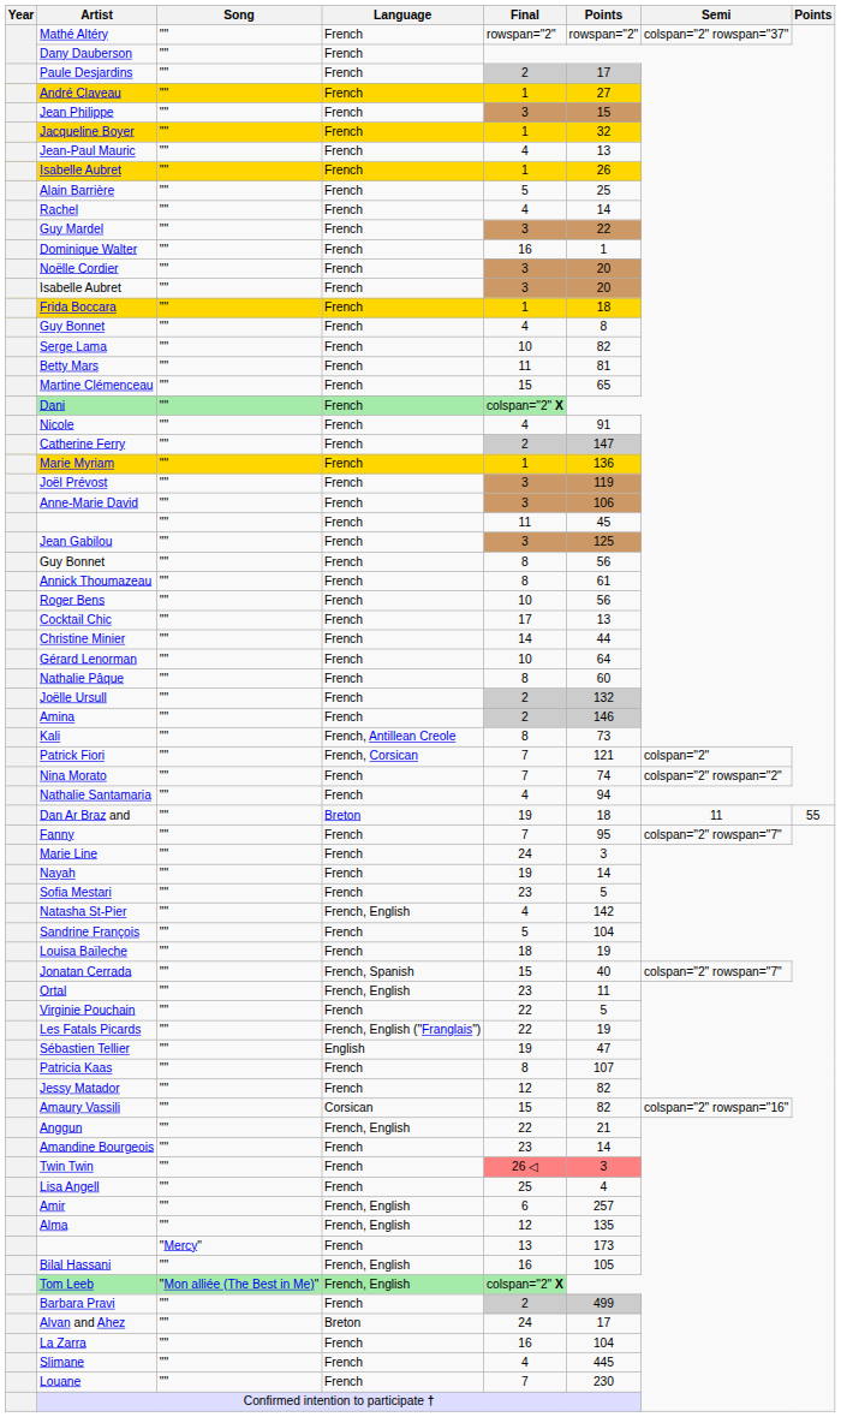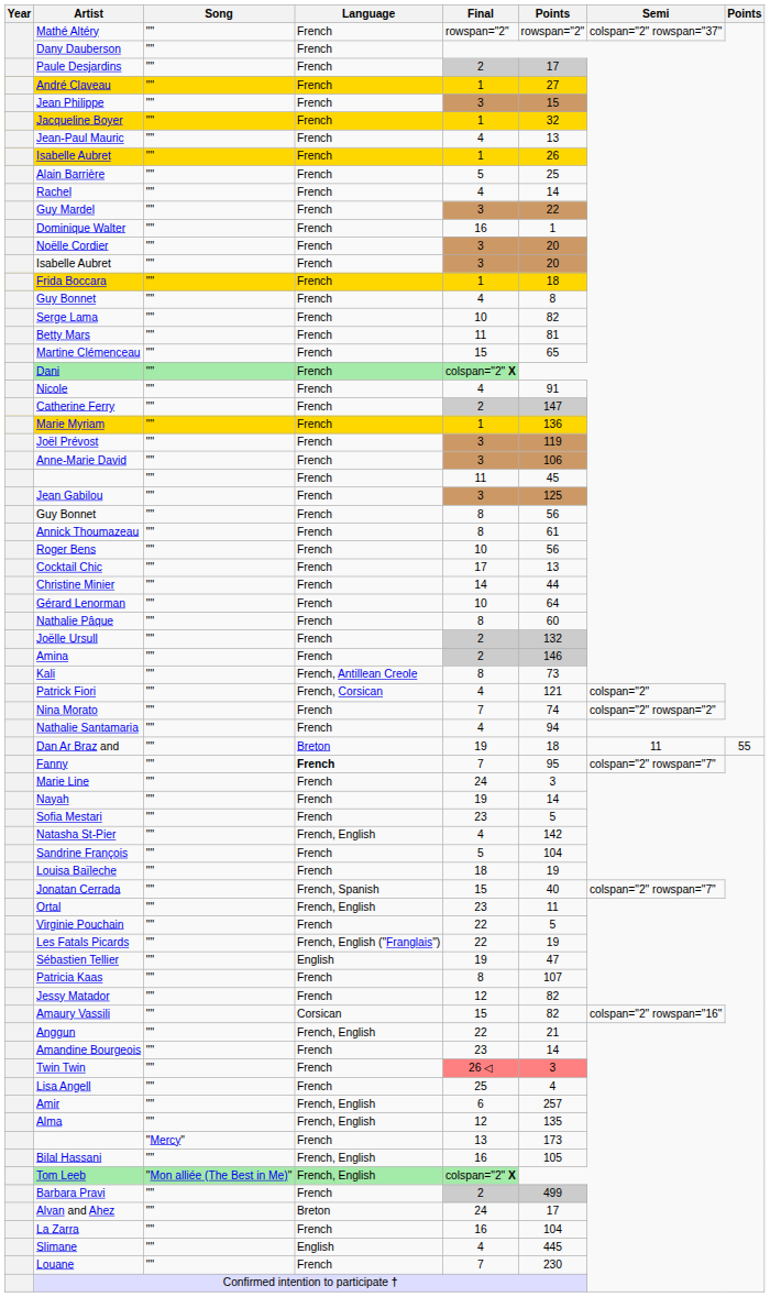 <table class="wikitable sortable plainrowheaders">
 <tr>
 <th scope="col">Year</th>
 <th scope="col">Artist</th>
 <th scope="col">Song</th>
 <th scope="col">Language</th>
 <th scope="col" data-sort-type="number">Final</th>
 <th scope="col" data-sort-type="number">Points</th>
 <th scope="col" class="unsortable">Semi</th>
 <th scope="col" class="unsortable">Points</th>
 </tr>
 <tr>
 <th scope="row" rowspan="2" style="text-align:center;"></th>
 <td><a href='#'>Mathé Altéry</a></td>
 <td>""</td>
 <td>French</td>
 <td>rowspan="2" </td>
 <td>rowspan="2" </td>
 <td>colspan="2" rowspan="37" </td>
 </tr>
 <tr>
 <td><a href='#'>Dany Dauberson</a></td>
 <td>""</td>
 <td>French</td>
 </tr>
 <tr>
 <th scope="row" style="text-align:center;"></th>
 <td><a href='#'>Paule Desjardins</a></td>
 <td>""</td>
 <td>French</td>
 <td style="text-align:center; background-color:#CCC;">2</td>
 <td style="text-align:center; background-color:#CCC;">17</td>
 </tr>
 <tr style="background-color:#FFD700;">
 <th scope="row" style="text-align:center;"></th>
 <td><a href='#'>André Claveau</a></td>
 <td>""</td>
 <td>French</td>
 <td style="text-align:center;">1</td>
 <td style="text-align:center;">27</td>
 </tr>
 <tr>
 <th scope="row" style="text-align:center;"></th>
 <td><a href='#'>Jean Philippe</a></td>
 <td>""</td>
 <td>French</td>
 <td style="text-align:center; background-color:#C96;">3</td>
 <td style="text-align:center; background-color:#C96;">15</td>
 </tr>
 <tr style="background-color:#FFD700;">
 <th scope="row" style="text-align:center;"></th>
 <td><a href='#'>Jacqueline Boyer</a></td>
 <td>""</td>
 <td>French</td>
 <td style="text-align:center;">1</td>
 <td style="text-align:center;">32</td>
 </tr>
 <tr>
 <th scope="row" style="text-align:center;"></th>
 <td><a href='#'>Jean-Paul Mauric</a></td>
 <td>""</td>
 <td>French</td>
 <td style="text-align:center;">4</td>
 <td style="text-align:center;">13</td>
 </tr>
 <tr style="background-color:#FFD700;">
 <th scope="row" style="text-align:center;"></th>
 <td><a href='#'>Isabelle Aubret</a></td>
 <td>""</td>
 <td>French</td>
 <td style="text-align:center;">1</td>
 <td style="text-align:center;">26</td>
 </tr>
 <tr>
 <th scope="row" style="text-align:center;"></th>
 <td><a href='#'>Alain Barrière</a></td>
 <td>""</td>
 <td>French</td>
 <td style="text-align:center;">5</td>
 <td style="text-align:center;">25</td>
 </tr>
 <tr>
 <th scope="row" style="text-align:center;"></th>
 <td><a href='#'>Rachel</a></td>
 <td>""</td>
 <td>French</td>
 <td style="text-align:center;">4</td>
 <td style="text-align:center;">14</td>
 </tr>
 <tr>
 <th scope="row" style="text-align:center;"></th>
 <td><a href='#'>Guy Mardel</a></td>
 <td>""</td>
 <td>French</td>
 <td style="text-align:center; background-color:#C96;">3</td>
 <td style="text-align:center; background-color:#C96;">22</td>
 </tr>
 <tr>
 <th scope="row" style="text-align:center;"></th>
 <td><a href='#'>Dominique Walter</a></td>
 <td>""</td>
 <td>French</td>
 <td style="text-align:center;">16</td>
 <td style="text-align:center;">1</td>
 </tr>
 <tr>
 <th scope="row" style="text-align:center;"></th>
 <td><a href='#'>Noëlle Cordier</a></td>
 <td>""</td>
 <td>French</td>
 <td style="text-align:center; background-color:#C96;">3</td>
 <td style="text-align:center; background-color:#C96;">20</td>
 </tr>
 <tr>
 <th scope="row" style="text-align:center;"></th>
 <td>Isabelle Aubret</td>
 <td>""</td>
 <td>French</td>
 <td style="text-align:center; background-color:#C96;">3</td>
 <td style="text-align:center; background-color:#C96;">20</td>
 </tr>
 <tr style="background-color:#FFD700;">
 <th scope="row" style="text-align:center;"></th>
 <td><a href='#'>Frida Boccara</a></td>
 <td>""</td>
 <td>French</td>
 <td style="text-align:center;">1</td>
 <td style="text-align:center;">18</td>
 </tr>
 <tr>
 <th scope="row" style="text-align:center;"></th>
 <td><a href='#'>Guy Bonnet</a></td>
 <td>""</td>
 <td>French</td>
 <td style="text-align:center;">4</td>
 <td style="text-align:center;">8</td>
 </tr>
 <tr>
 <th scope="row" style="text-align:center;"></th>
 <td><a href='#'>Serge Lama</a></td>
 <td>""</td>
 <td>French</td>
 <td style="text-align:center;">10</td>
 <td style="text-align:center;">82</td>
 </tr>
 <tr>
 <th scope="row" style="text-align:center;"></th>
 <td><a href='#'>Betty Mars</a></td>
 <td>""</td>
 <td>French</td>
 <td style="text-align:center;">11</td>
 <td style="text-align:center;">81</td>
 </tr>
 <tr>
 <th scope="row" style="text-align:center;"></th>
 <td><a href='#'>Martine Clémenceau</a></td>
 <td>""</td>
 <td>French</td>
 <td style="text-align:center;">15</td>
 <td style="text-align:center;">65</td>
 </tr>
 <tr style="background-color:#A4EAA9;">
 <th scope="row" style="text-align:center;"></th>
 <td><a href='#'>Dani</a></td>
 <td>""</td>
 <td>French</td>
 <td>colspan="2"  <strong>X</strong></td>
 </tr>
 <tr>
 <th scope="row" style="text-align:center;"></th>
 <td><a href='#'>Nicole</a></td>
 <td>""</td>
 <td>French</td>
 <td style="text-align:center;">4</td>
 <td style="text-align:center;">91</td>
 </tr>
 <tr>
 <th scope="row" style="text-align:center;"></th>
 <td><a href='#'>Catherine Ferry</a></td>
 <td>""</td>
 <td>French</td>
 <td style="text-align:center; background-color:#CCC;">2</td>
 <td style="text-align:center; background-color:#CCC;">147</td>
 </tr>
 <tr style="background-color:#FFD700;">
 <th scope="row" style="text-align:center;"></th>
 <td><a href='#'>Marie Myriam</a></td>
 <td>""</td>
 <td>French</td>
 <td style="text-align:center;">1</td>
 <td style="text-align:center;">136</td>
 </tr>
 <tr>
 <th scope="row" style="text-align:center;"></th>
 <td><a href='#'>Joël Prévost</a></td>
 <td>""</td>
 <td>French</td>
 <td style="text-align:center; background-color:#C96;">3</td>
 <td style="text-align:center; background-color:#C96;">119</td>
 </tr>
 <tr>
 <th scope="row" style="text-align:center;"></th>
 <td><a href='#'>Anne-Marie David</a></td>
 <td>""</td>
 <td>French</td>
 <td style="text-align:center; background-color:#C96;">3</td>
 <td style="text-align:center; background-color:#C96;">106</td>
 </tr>
 <tr>
 <th scope="row" style="text-align:center;"></th>
 <td></td>
 <td>""</td>
 <td>French</td>
 <td style="text-align:center;">11</td>
 <td style="text-align:center;">45</td>
 </tr>
 <tr>
 <th scope="row" style="text-align:center;"></th>
 <td><a href='#'>Jean Gabilou</a></td>
 <td>""</td>
 <td>French</td>
 <td style="text-align:center; background-color:#C96;">3</td>
 <td style="text-align:center; background-color:#C96;">125</td>
 </tr>
 <tr>
 <th scope="row" style="text-align:center;"></th>
 <td>Guy Bonnet</td>
 <td>""</td>
 <td>French</td>
 <td style="text-align:center;">8</td>
 <td style="text-align:center;">56</td>
 </tr>
 <tr>
 <th scope="row" style="text-align:center;"></th>
 <td><a href='#'>Annick Thoumazeau</a></td>
 <td>""</td>
 <td>French</td>
 <td style="text-align:center;">8</td>
 <td style="text-align:center;">61</td>
 </tr>
 <tr>
 <th scope="row" style="text-align:center;"></th>
 <td><a href='#'>Roger Bens</a></td>
 <td>""</td>
 <td>French</td>
 <td style="text-align:center;">10</td>
 <td style="text-align:center;">56</td>
 </tr>
 <tr>
 <th scope="row" style="text-align:center;"></th>
 <td><a href='#'>Cocktail Chic</a></td>
 <td>""</td>
 <td>French</td>
 <td style="text-align:center;">17</td>
 <td style="text-align:center;">13</td>
 </tr>
 <tr>
 <th scope="row" style="text-align:center;"></th>
 <td><a href='#'>Christine Minier</a></td>
 <td>""</td>
 <td>French</td>
 <td style="text-align:center;">14</td>
 <td style="text-align:center;">44</td>
 </tr>
 <tr>
 <th scope="row" style="text-align:center;"></th>
 <td><a href='#'>Gérard Lenorman</a></td>
 <td>""</td>
 <td>French</td>
 <td style="text-align:center;">10</td>
 <td style="text-align:center;">64</td>
 </tr>
 <tr>
 <th scope="row" style="text-align:center;"></th>
 <td><a href='#'>Nathalie Pâque</a></td>
 <td>""</td>
 <td>French</td>
 <td style="text-align:center;">8</td>
 <td style="text-align:center;">60</td>
 </tr>
 <tr>
 <th scope="row" style="text-align:center;"></th>
 <td><a href='#'>Joëlle Ursull</a></td>
 <td>""</td>
 <td>French</td>
 <td style="text-align:center; background-color:#CCC;">2</td>
 <td style="text-align:center; background-color:#CCC;">132</td>
 </tr>
 <tr>
 <th scope="row" style="text-align:center;"></th>
 <td><a href='#'>Amina</a></td>
 <td>""</td>
 <td>French</td>
 <td style="text-align:center; background-color:#CCC;">2</td>
 <td style="text-align:center; background-color:#CCC;">146</td>
 </tr>
 <tr>
 <th scope="row" style="text-align:center;"></th>
 <td><a href='#'>Kali</a></td>
 <td>""</td>
 <td>French, <a href='#'>Antillean Creole</a></td>
 <td style="text-align:center;">8</td>
 <td style="text-align:center;">73</td>
 </tr>
 <tr>
 <th scope="row" style="text-align:center;"></th>
 <td><a href='#'>Patrick Fiori</a></td>
 <td>""</td>
 <td>French, <a href='#'>Corsican</a></td>
-<td style="text-align:center;">7</td>
+<td style="text-align:center;">4</td>
 <td style="text-align:center;">121</td>
 <td>colspan="2" </td>
 </tr>
 <tr>
 <th scope="row" style="text-align:center;"></th>
 <td><a href='#'>Nina Morato</a></td>
 <td>""</td>
 <td>French</td>
 <td style="text-align:center;">7</td>
 <td style="text-align:center;">74</td>
 <td>colspan="2" rowspan="2" </td>
 </tr>
 <tr>
 <th scope="row" style="text-align:center;"></th>
 <td><a href='#'>Nathalie Santamaria</a></td>
 <td>""</td>
 <td>French</td>
 <td style="text-align:center;">4</td>
 <td style="text-align:center;">94</td>
 </tr>
 <tr>
 <th scope="row" style="text-align:center;"></th>
 <td><a href='#'>Dan Ar Braz</a> and </td>
 <td>""</td>
 <td><a href='#'>Breton</a></td>
 <td style="text-align:center;">19</td>
 <td style="text-align:center;">18</td>
 <td style="text-align:center;">11</td>
 <td style="text-align:center;">55</td>
 </tr>
 <tr>
 <th scope="row" style="text-align:center;"></th>
 <td><a href='#'>Fanny</a></td>
 <td>""</td>
-<td>French</td>
+<td><strong>French</strong></td>
 <td style="text-align:center;">7</td>
 <td style="text-align:center;">95</td>
 <td>colspan="2" rowspan="7" </td>
 </tr>
 <tr>
 <th scope="row" style="text-align:center;"></th>
 <td><a href='#'>Marie Line</a></td>
 <td>""</td>
 <td>French</td>
 <td style="text-align:center;">24</td>
 <td style="text-align:center;">3</td>
 </tr>
 <tr>
 <th scope="row" style="text-align:center;"></th>
 <td><a href='#'>Nayah</a></td>
 <td>""</td>
 <td>French</td>
 <td style="text-align:center;">19</td>
 <td style="text-align:center;">14</td>
 </tr>
 <tr>
 <th scope="row" style="text-align:center;"></th>
 <td><a href='#'>Sofia Mestari</a></td>
 <td>""</td>
 <td>French</td>
 <td style="text-align:center;">23</td>
 <td style="text-align:center;">5</td>
 </tr>
 <tr>
 <th scope="row" style="text-align:center;"></th>
 <td><a href='#'>Natasha St-Pier</a></td>
 <td>""</td>
 <td>French, English</td>
 <td style="text-align:center;">4</td>
 <td style="text-align:center;">142</td>
 </tr>
 <tr>
 <th scope="row" style="text-align:center;"></th>
 <td><a href='#'>Sandrine François</a></td>
 <td>""</td>
 <td>French</td>
 <td style="text-align:center;">5</td>
 <td style="text-align:center;">104</td>
 </tr>
 <tr>
 <th scope="row" style="text-align:center;"></th>
 <td><a href='#'>Louisa Baïleche</a></td>
 <td>""</td>
 <td>French</td>
 <td style="text-align:center;">18</td>
 <td style="text-align:center;">19</td>
 </tr>
 <tr>
 <th scope="row" style="text-align:center;"></th>
 <td><a href='#'>Jonatan Cerrada</a></td>
 <td>""</td>
 <td>French, Spanish</td>
 <td style="text-align:center;">15</td>
 <td style="text-align:center;">40</td>
 <td>colspan="2" rowspan="7" </td>
 </tr>
 <tr>
 <th scope="row" style="text-align:center;"></th>
 <td><a href='#'>Ortal</a></td>
 <td>""</td>
 <td>French, English</td>
 <td style="text-align:center;">23</td>
 <td style="text-align:center;">11</td>
 </tr>
 <tr>
 <th scope="row" style="text-align:center;"></th>
 <td><a href='#'>Virginie Pouchain</a></td>
 <td>""</td>
 <td>French</td>
 <td style="text-align:center;">22</td>
 <td style="text-align:center;">5</td>
 </tr>
 <tr>
 <th scope="row" style="text-align:center;"></th>
 <td><a href='#'>Les Fatals Picards</a></td>
 <td>""</td>
 <td>French, English ("<a href='#'>Franglais</a>")</td>
 <td style="text-align:center;">22</td>
 <td style="text-align:center;">19</td>
 </tr>
 <tr>
 <th scope="row" style="text-align:center;"></th>
 <td><a href='#'>Sébastien Tellier</a></td>
 <td>""</td>
 <td>English</td>
 <td style="text-align:center;">19</td>
 <td style="text-align:center;">47</td>
 </tr>
 <tr>
 <th scope="row" style="text-align:center;"></th>
 <td><a href='#'>Patricia Kaas</a></td>
 <td>""</td>
 <td>French</td>
 <td style="text-align:center;">8</td>
 <td style="text-align:center;">107</td>
 </tr>
 <tr>
 <th scope="row" style="text-align:center;"></th>
 <td><a href='#'>Jessy Matador</a></td>
 <td>""</td>
 <td>French</td>
 <td style="text-align:center;">12</td>
 <td style="text-align:center;">82</td>
 </tr>
 <tr>
 <th scope="row" style="text-align:center;"></th>
 <td><a href='#'>Amaury Vassili</a></td>
 <td>""</td>
 <td>Corsican</td>
 <td style="text-align:center;">15</td>
 <td style="text-align:center;">82</td>
 <td>colspan="2" rowspan="16" </td>
 </tr>
 <tr>
 <th scope="row" style="text-align:center;"></th>
 <td><a href='#'>Anggun</a></td>
 <td>""</td>
 <td>French, English</td>
 <td style="text-align:center;">22</td>
 <td style="text-align:center;">21</td>
 </tr>
 <tr>
 <th scope="row" style="text-align:center;"></th>
 <td><a href='#'>Amandine Bourgeois</a></td>
 <td>""</td>
 <td>French</td>
 <td style="text-align:center;">23</td>
 <td style="text-align:center;">14</td>
 </tr>
 <tr>
 <th scope="row" style="text-align:center;"></th>
 <td><a href='#'>Twin Twin</a></td>
 <td>""</td>
 <td>French</td>
 <td style="text-align:center; background-color:#FE8080;">26 ◁</td>
 <td style="text-align:center; background-color:#FE8080;">3</td>
 </tr>
 <tr>
 <th scope="row" style="text-align:center;"></th>
 <td><a href='#'>Lisa Angell</a></td>
 <td>""</td>
 <td>French</td>
 <td style="text-align:center;">25</td>
 <td style="text-align:center;">4</td>
 </tr>
 <tr>
 <th scope="row" style="text-align:center;"></th>
 <td><a href='#'>Amir</a></td>
 <td>""</td>
 <td>French, English</td>
 <td style="text-align:center;">6</td>
 <td style="text-align:center;">257</td>
 </tr>
 <tr>
 <th scope="row" style="text-align:center;"></th>
 <td><a href='#'>Alma</a></td>
 <td>""</td>
 <td>French, English</td>
 <td style="text-align:center;">12</td>
 <td style="text-align:center;">135</td>
 </tr>
 <tr>
 <th scope="row" style="text-align:center;"></th>
 <td></td>
 <td>"<a href='#'>Mercy</a>"</td>
 <td>French</td>
 <td style="text-align:center;">13</td>
 <td style="text-align:center;">173</td>
 </tr>
 <tr>
 <th scope="row" style="text-align:center;"></th>
 <td><a href='#'>Bilal Hassani</a></td>
 <td>""</td>
 <td>French, English</td>
 <td style="text-align:center;">16</td>
 <td style="text-align:center;">105</td>
 </tr>
 <tr style="background-color:#A4EAA9;">
 <th scope="row" style="text-align:center;"></th>
 <td><a href='#'>Tom Leeb</a></td>
 <td>"<a href='#'><span>Mon alliée</span> (The Best in Me)</a>"</td>
 <td>French, English</td>
 <td>colspan="2"  <strong>X</strong></td>
 </tr>
 <tr>
 <th scope="row" style="text-align:center;"></th>
 <td><a href='#'>Barbara Pravi</a></td>
 <td>""</td>
 <td>French</td>
 <td style="text-align:center; background-color:#CCC;">2</td>
 <td style="text-align:center; background-color:#CCC;">499</td>
 </tr>
 <tr>
 <th scope="row" style="text-align:center;"></th>
 <td><a href='#'>Alvan</a> and <a href='#'>Ahez</a></td>
 <td>""</td>
 <td>Breton</td>
 <td style="text-align:center;">24</td>
 <td style="text-align:center;">17</td>
 </tr>
 <tr>
 <th scope="row" style="text-align:center;"></th>
 <td><a href='#'>La Zarra</a></td>
 <td>""</td>
 <td>French</td>
 <td style="text-align:center;">16</td>
 <td style="text-align:center;">104</td>
 </tr>
 <tr>
 <th scope="row" style="text-align:center;"></th>
 <td><a href='#'>Slimane</a></td>
 <td>""</td>
-<td>French</td>
+<td>English</td>
 <td style="text-align:center;">4</td>
 <td style="text-align:center;">445</td>
 </tr>
 <tr>
 <th scope="row" style="text-align:center;"></th>
 <td><a href='#'>Louane</a></td>
 <td>""</td>
 <td>French</td>
 <td style="text-align:center;">7</td>
 <td style="text-align:center;">230</td>
 </tr>
 <tr bgcolor=#ddf>
 <th scope="row" style="text-align:center;"></th>
 <td colspan="5" align="center">Confirmed intention to participate <strong>†</strong></td>
 </tr>
 </table>
